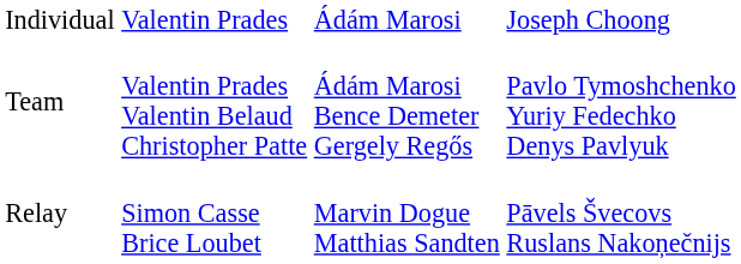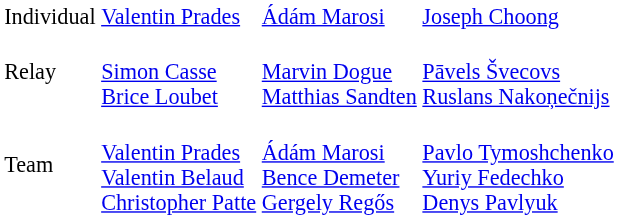 <table>
 <tr>
 <td>Individual</td>
 <td> <a href='#'>Valentin Prades</a></td>
 <td> <a href='#'>Ádám Marosi</a></td>
 <td> <a href='#'>Joseph Choong</a></td>
 </tr>
 <tr>
+<td>Relay</td>
+<td><br><a href='#'>Simon Casse</a><br><a href='#'>Brice Loubet</a></td>
+<td><br><a href='#'>Marvin Dogue</a><br><a href='#'>Matthias Sandten</a></td>
+<td><br><a href='#'>Pāvels Švecovs</a><br><a href='#'>Ruslans Nakoņečnijs</a></td>
+</tr>
+<tr>
 <td>Team</td>
 <td><br><a href='#'>Valentin Prades</a><br><a href='#'>Valentin Belaud</a><br><a href='#'>Christopher Patte</a></td>
 <td><br><a href='#'>Ádám Marosi</a><br><a href='#'>Bence Demeter</a><br><a href='#'>Gergely Regős</a></td>
 <td><br><a href='#'>Pavlo Tymoshchenko</a><br><a href='#'>Yuriy Fedechko</a><br><a href='#'>Denys Pavlyuk</a></td>
 </tr>
-<tr>
-<td>Relay</td>
-<td><br><a href='#'>Simon Casse</a><br><a href='#'>Brice Loubet</a></td>
-<td><br><a href='#'>Marvin Dogue</a><br><a href='#'>Matthias Sandten</a></td>
-<td><br><a href='#'>Pāvels Švecovs</a><br><a href='#'>Ruslans Nakoņečnijs</a></td>
-</tr>
 </table>
